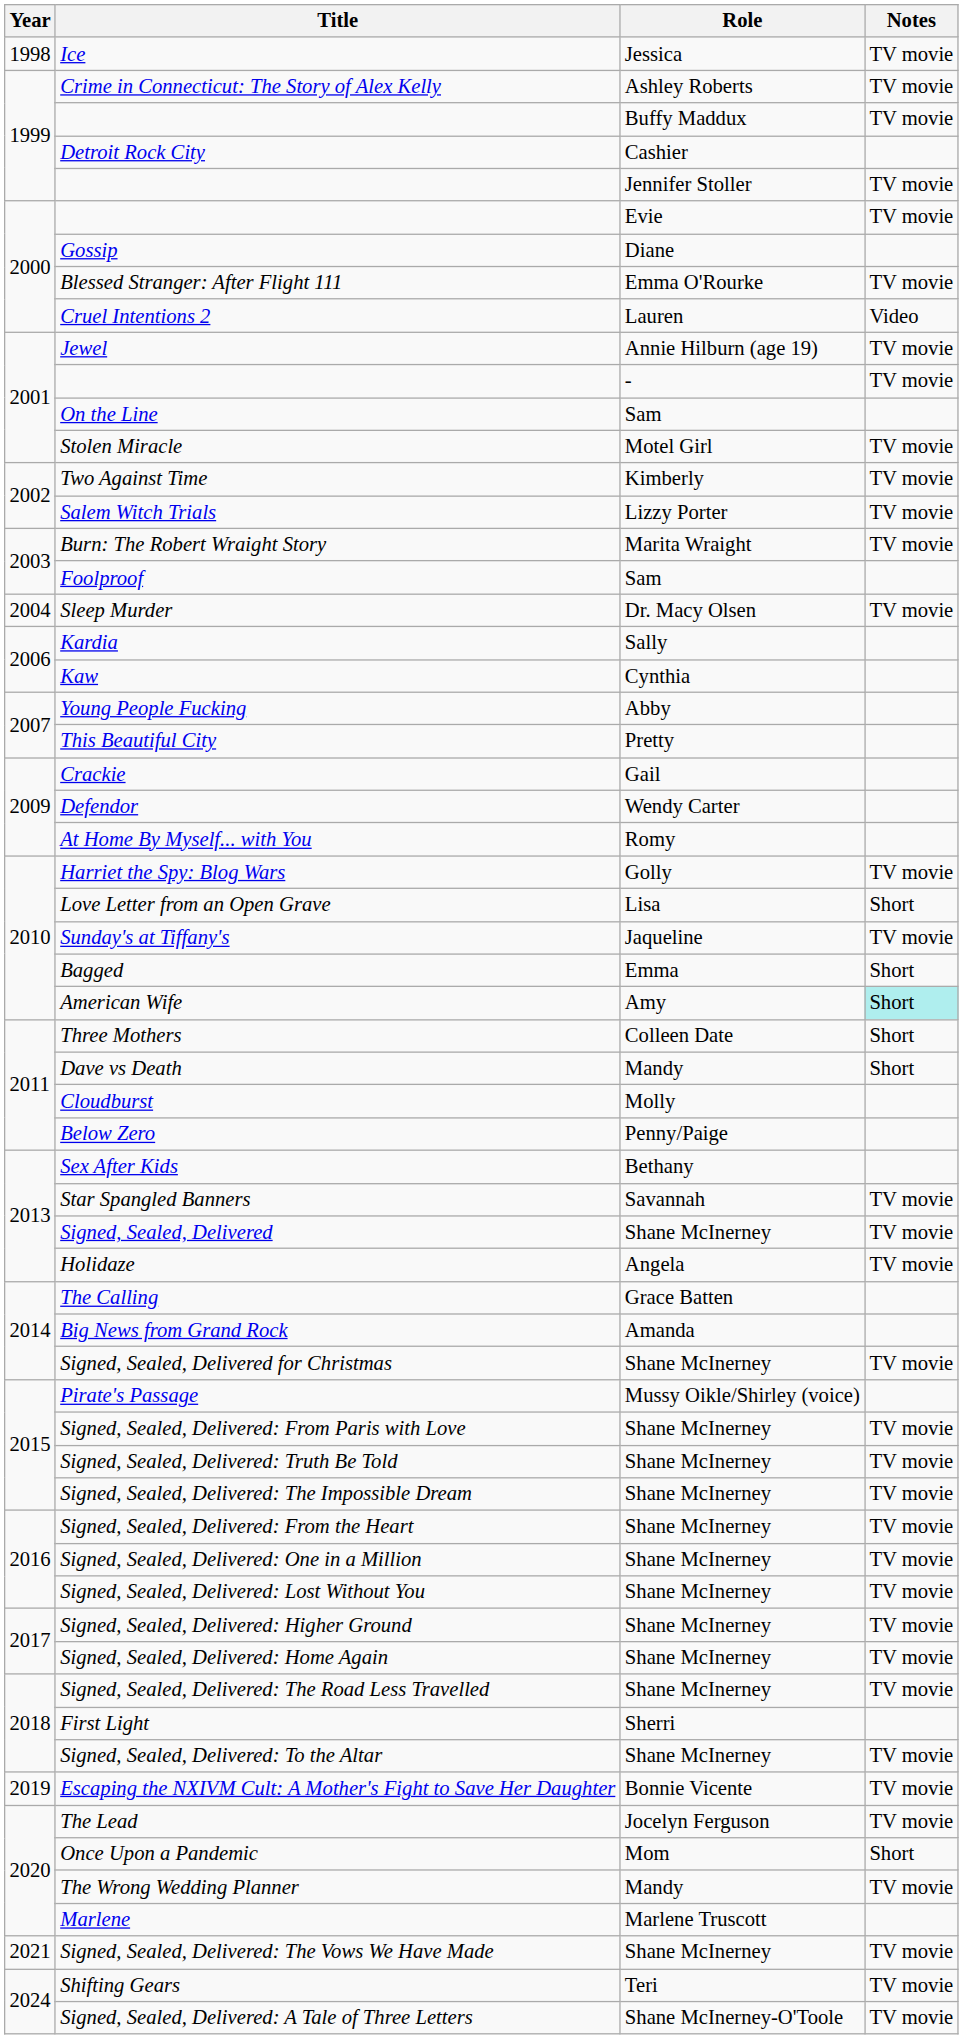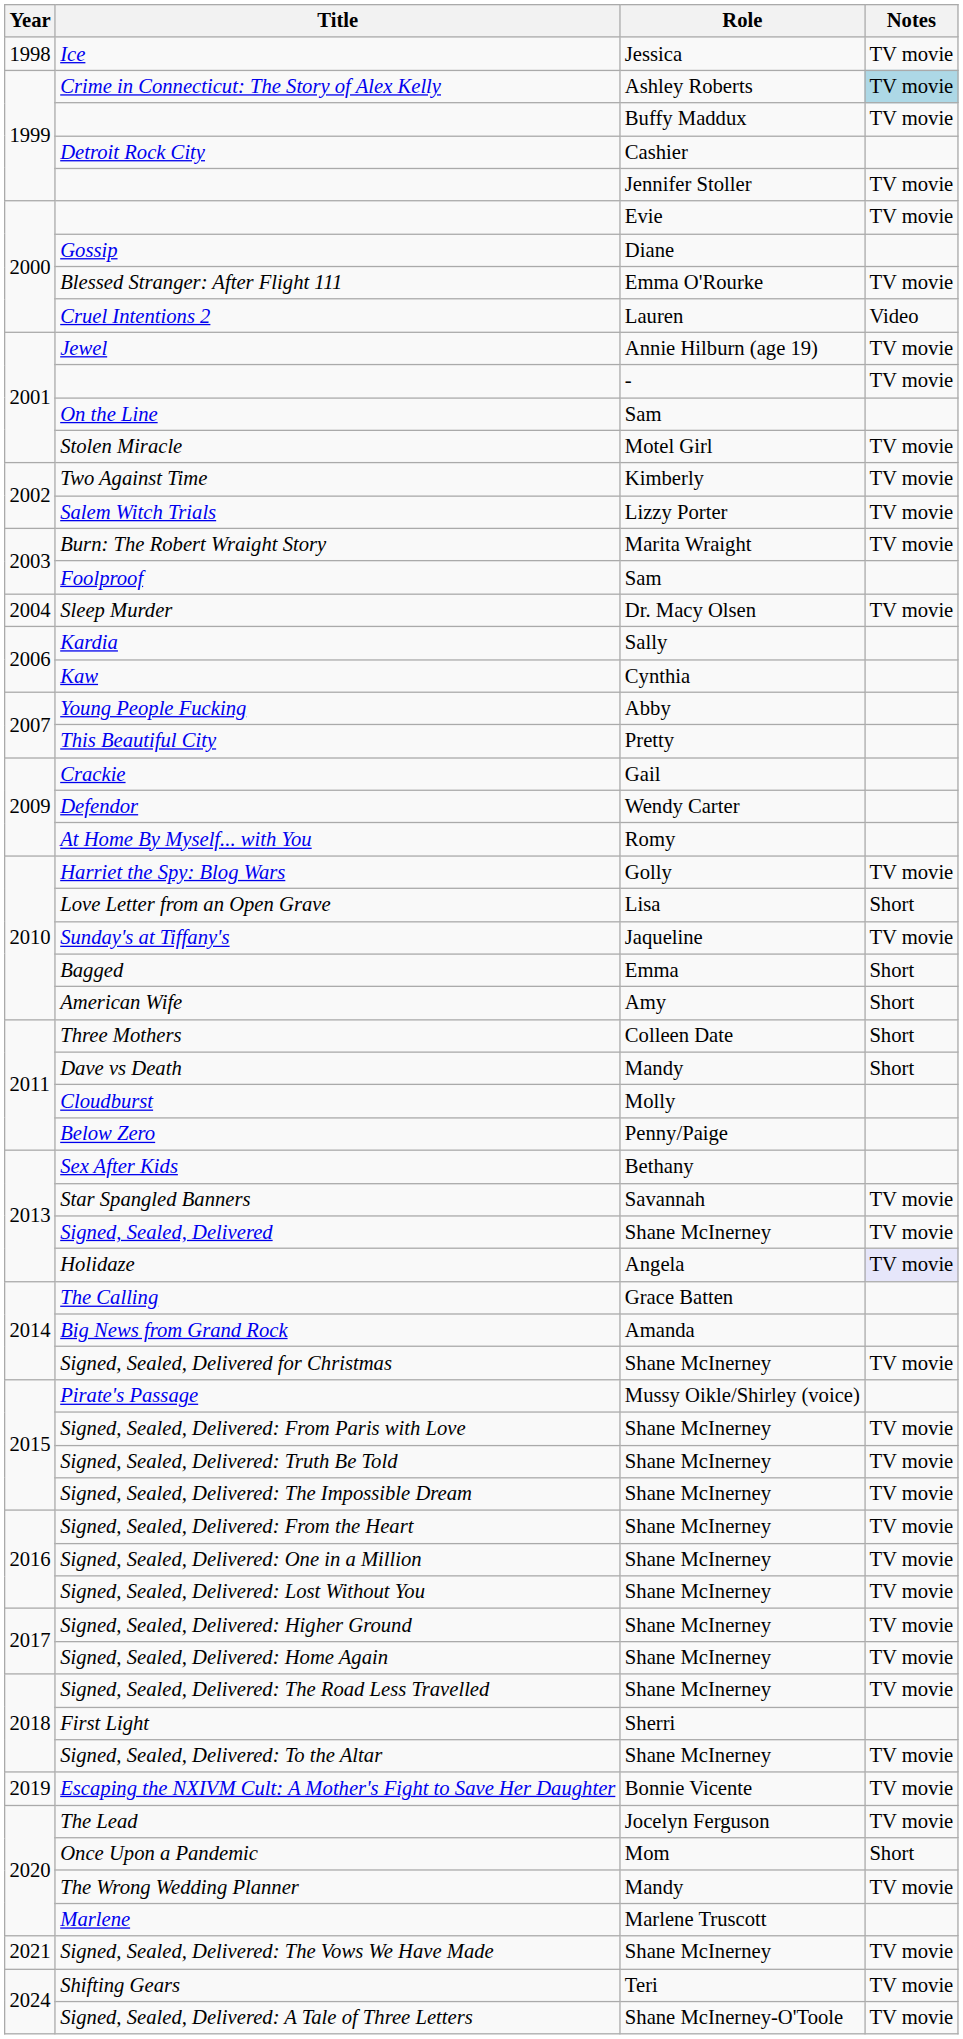 <table class="wikitable sortable">
 <tr>
 <th>Year</th>
 <th>Title</th>
 <th>Role</th>
 <th class="unsortable">Notes</th>
 </tr>
 <tr>
 <td>1998</td>
 <td><em><a href='#'>Ice</a></em></td>
 <td>Jessica</td>
 <td>TV movie</td>
 </tr>
 <tr>
 <td rowspan="4">1999</td>
 <td><em><a href='#'>Crime in Connecticut: The Story of Alex Kelly</a></em></td>
 <td>Ashley Roberts</td>
-<td>TV movie</td>
+<td style="background: lightblue;">TV movie</td>
 </tr>
 <tr>
 <td><em></em></td>
 <td>Buffy Maddux</td>
 <td>TV movie</td>
 </tr>
 <tr>
 <td><em><a href='#'>Detroit Rock City</a></em></td>
 <td>Cashier</td>
 <td></td>
 </tr>
 <tr>
 <td><em></em></td>
 <td>Jennifer Stoller</td>
 <td>TV movie</td>
 </tr>
 <tr>
 <td rowspan="4">2000</td>
 <td><em></em></td>
 <td>Evie</td>
 <td>TV movie</td>
 </tr>
 <tr>
 <td><em><a href='#'>Gossip</a></em></td>
 <td>Diane</td>
 <td></td>
 </tr>
 <tr>
 <td><em>Blessed Stranger: After Flight 111</em></td>
 <td>Emma O'Rourke</td>
 <td>TV movie</td>
 </tr>
 <tr>
 <td><em><a href='#'>Cruel Intentions 2</a></em></td>
 <td>Lauren</td>
 <td>Video</td>
 </tr>
 <tr>
 <td rowspan="4">2001</td>
 <td><em><a href='#'>Jewel</a></em></td>
 <td>Annie Hilburn (age 19)</td>
 <td>TV movie</td>
 </tr>
 <tr>
 <td><em></em></td>
 <td>-</td>
 <td>TV movie</td>
 </tr>
 <tr>
 <td><em><a href='#'>On the Line</a></em></td>
 <td>Sam</td>
 <td></td>
 </tr>
 <tr>
 <td><em>Stolen Miracle</em></td>
 <td>Motel Girl</td>
 <td>TV movie</td>
 </tr>
 <tr>
 <td rowspan="2">2002</td>
 <td><em>Two Against Time</em></td>
 <td>Kimberly</td>
 <td>TV movie</td>
 </tr>
 <tr>
 <td><em><a href='#'>Salem Witch Trials</a></em></td>
 <td>Lizzy Porter</td>
 <td>TV movie</td>
 </tr>
 <tr>
 <td rowspan="2">2003</td>
 <td><em>Burn: The Robert Wraight Story</em></td>
 <td>Marita Wraight</td>
 <td>TV movie</td>
 </tr>
 <tr>
 <td><em><a href='#'>Foolproof</a></em></td>
 <td>Sam</td>
 <td></td>
 </tr>
 <tr>
 <td>2004</td>
 <td><em>Sleep Murder</em></td>
 <td>Dr. Macy Olsen</td>
 <td>TV movie</td>
 </tr>
 <tr>
 <td rowspan="2">2006</td>
 <td><em><a href='#'>Kardia</a></em></td>
 <td>Sally</td>
 <td></td>
 </tr>
 <tr>
 <td><em><a href='#'>Kaw</a></em></td>
 <td>Cynthia</td>
 <td></td>
 </tr>
 <tr>
 <td rowspan="2">2007</td>
 <td><em><a href='#'>Young People Fucking</a></em></td>
 <td>Abby</td>
 <td></td>
 </tr>
 <tr>
 <td><em><a href='#'>This Beautiful City</a></em></td>
 <td>Pretty</td>
 <td></td>
 </tr>
 <tr>
 <td rowspan="3">2009</td>
 <td><em><a href='#'>Crackie</a></em></td>
 <td>Gail</td>
 <td></td>
 </tr>
 <tr>
 <td><em><a href='#'>Defendor</a></em></td>
 <td>Wendy Carter</td>
 <td></td>
 </tr>
 <tr>
 <td><em><a href='#'>At Home By Myself... with You</a></em></td>
 <td>Romy</td>
 <td></td>
 </tr>
 <tr>
 <td rowspan="5">2010</td>
 <td><em><a href='#'>Harriet the Spy: Blog Wars</a></em></td>
 <td>Golly</td>
 <td>TV movie</td>
 </tr>
 <tr>
 <td><em>Love Letter from an Open Grave</em></td>
 <td>Lisa</td>
 <td>Short</td>
 </tr>
 <tr>
 <td><em><a href='#'>Sunday's at Tiffany's</a></em></td>
 <td>Jaqueline</td>
 <td>TV movie</td>
 </tr>
 <tr>
 <td><em>Bagged</em></td>
 <td>Emma</td>
 <td>Short</td>
 </tr>
 <tr>
 <td><em>American Wife</em></td>
 <td>Amy</td>
-<td style="background: paleturquoise;">Short</td>
+<td>Short</td>
 </tr>
 <tr>
 <td rowspan="4">2011</td>
 <td><em>Three Mothers</em></td>
 <td>Colleen Date</td>
 <td>Short</td>
 </tr>
 <tr>
 <td><em>Dave vs Death</em></td>
 <td>Mandy</td>
 <td>Short</td>
 </tr>
 <tr>
 <td><em><a href='#'>Cloudburst</a></em></td>
 <td>Molly</td>
 <td></td>
 </tr>
 <tr>
 <td><em><a href='#'>Below Zero</a></em></td>
 <td>Penny/Paige</td>
 <td></td>
 </tr>
 <tr>
 <td rowspan="4">2013</td>
 <td><em><a href='#'>Sex After Kids</a></em></td>
 <td>Bethany</td>
 <td></td>
 </tr>
 <tr>
 <td><em>Star Spangled Banners</em></td>
 <td>Savannah</td>
 <td>TV movie</td>
 </tr>
 <tr>
 <td><em><a href='#'>Signed, Sealed, Delivered</a></em></td>
 <td>Shane McInerney</td>
 <td>TV movie</td>
 </tr>
 <tr>
 <td><em>Holidaze</em></td>
 <td>Angela</td>
-<td>TV movie</td>
+<td style="background: lavender;">TV movie</td>
 </tr>
 <tr>
 <td rowspan="3">2014</td>
 <td data-sort-value="Calling, The"><em><a href='#'>The Calling</a></em></td>
 <td>Grace Batten</td>
 <td></td>
 </tr>
 <tr>
 <td><em><a href='#'>Big News from Grand Rock</a></em></td>
 <td>Amanda</td>
 <td></td>
 </tr>
 <tr>
 <td><em>Signed, Sealed, Delivered for Christmas</em></td>
 <td>Shane McInerney</td>
 <td>TV movie</td>
 </tr>
 <tr>
 <td rowspan="4">2015</td>
 <td><em><a href='#'>Pirate's Passage</a></em></td>
 <td>Mussy Oikle/Shirley (voice)</td>
 <td></td>
 </tr>
 <tr>
 <td><em>Signed, Sealed, Delivered: From Paris with Love</em></td>
 <td>Shane McInerney</td>
 <td>TV movie</td>
 </tr>
 <tr>
 <td><em>Signed, Sealed, Delivered: Truth Be Told</em></td>
 <td>Shane McInerney</td>
 <td>TV movie</td>
 </tr>
 <tr>
 <td><em>Signed, Sealed, Delivered: The Impossible Dream</em></td>
 <td>Shane McInerney</td>
 <td>TV movie</td>
 </tr>
 <tr>
 <td rowspan="3">2016</td>
 <td><em>Signed, Sealed, Delivered: From the Heart</em></td>
 <td>Shane McInerney</td>
 <td>TV movie</td>
 </tr>
 <tr>
 <td><em>Signed, Sealed, Delivered: One in a Million</em></td>
 <td>Shane McInerney</td>
 <td>TV movie</td>
 </tr>
 <tr>
 <td><em>Signed, Sealed, Delivered: Lost Without You</em></td>
 <td>Shane McInerney</td>
 <td>TV movie</td>
 </tr>
 <tr>
 <td rowspan="2">2017</td>
 <td><em>Signed, Sealed, Delivered: Higher Ground</em></td>
 <td>Shane McInerney</td>
 <td>TV movie</td>
 </tr>
 <tr>
 <td><em>Signed, Sealed, Delivered: Home Again</em></td>
 <td>Shane McInerney</td>
 <td>TV movie</td>
 </tr>
 <tr>
 <td rowspan="3">2018</td>
 <td><em>Signed, Sealed, Delivered: The Road Less Travelled</em></td>
 <td>Shane McInerney</td>
 <td>TV movie</td>
 </tr>
 <tr>
 <td><em>First Light</em></td>
 <td>Sherri</td>
 <td></td>
 </tr>
 <tr>
 <td><em>Signed, Sealed, Delivered: To the Altar</em></td>
 <td>Shane McInerney</td>
 <td>TV movie</td>
 </tr>
 <tr>
 <td>2019</td>
 <td><em><a href='#'>Escaping the NXIVM Cult: A Mother's Fight to Save Her Daughter</a></em></td>
 <td>Bonnie Vicente</td>
 <td>TV movie</td>
 </tr>
 <tr>
 <td rowspan="4">2020</td>
 <td data-sort-value="Lead, The"><em>The Lead</em></td>
 <td>Jocelyn Ferguson</td>
 <td>TV movie</td>
 </tr>
 <tr>
 <td><em>Once Upon a Pandemic</em></td>
 <td>Mom</td>
 <td>Short</td>
 </tr>
 <tr>
 <td data-sort-value="Wrong Wedding Planner, The"><em>The Wrong Wedding Planner</em></td>
 <td>Mandy</td>
 <td>TV movie</td>
 </tr>
 <tr>
 <td><em><a href='#'>Marlene</a></em></td>
 <td>Marlene Truscott</td>
 <td></td>
 </tr>
 <tr>
 <td>2021</td>
 <td><em>Signed, Sealed, Delivered: The Vows We Have Made</em></td>
 <td>Shane McInerney</td>
 <td>TV movie</td>
 </tr>
 <tr>
 <td rowspan=2>2024</td>
 <td><em>Shifting Gears</em></td>
 <td>Teri</td>
 <td>TV movie</td>
 </tr>
 <tr>
 <td><em>Signed, Sealed, Delivered: A Tale of Three Letters</em></td>
 <td>Shane McInerney-O'Toole</td>
 <td>TV movie</td>
 </tr>
 </table>
